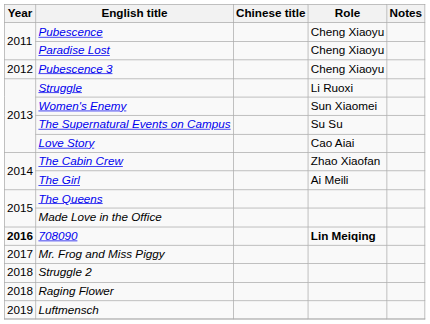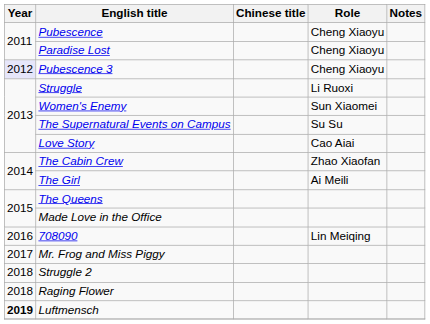 <table class="wikitable">
 <tr>
 <th>Year</th>
 <th>English title</th>
 <th>Chinese title</th>
 <th>Role</th>
 <th>Notes</th>
 </tr>
 <tr>
 <td rowspan="2">2011</td>
 <td><em><a href='#'>Pubescence</a></em></td>
 <td></td>
 <td>Cheng Xiaoyu</td>
 <td></td>
 </tr>
 <tr>
 <td><em><a href='#'>Paradise Lost</a></em></td>
 <td></td>
 <td>Cheng Xiaoyu</td>
 <td></td>
 </tr>
 <tr>
-<td>2012</td>
+<td style="background: lavender;">2012</td>
 <td><em><a href='#'>Pubescence 3</a></em></td>
 <td></td>
 <td>Cheng Xiaoyu</td>
 <td></td>
 </tr>
 <tr>
 <td rowspan="4">2013</td>
 <td><em><a href='#'>Struggle</a></em></td>
 <td></td>
 <td>Li Ruoxi</td>
 <td></td>
 </tr>
 <tr>
 <td><em><a href='#'>Women's Enemy</a></em></td>
 <td></td>
 <td>Sun Xiaomei</td>
 <td></td>
 </tr>
 <tr>
 <td><em><a href='#'>The Supernatural Events on Campus</a></em></td>
 <td></td>
 <td>Su Su</td>
 <td></td>
 </tr>
 <tr>
 <td><em><a href='#'>Love Story</a></em></td>
 <td></td>
 <td>Cao Aiai</td>
 <td></td>
 </tr>
 <tr>
 <td rowspan="2">2014</td>
 <td><em><a href='#'>The Cabin Crew</a></em></td>
 <td></td>
 <td>Zhao Xiaofan</td>
 <td></td>
 </tr>
 <tr>
 <td><em><a href='#'>The Girl</a></em></td>
 <td></td>
 <td>Ai Meili</td>
 <td></td>
 </tr>
 <tr>
 <td rowspan=2>2015</td>
 <td><em><a href='#'>The Queens</a></em></td>
 <td></td>
 <td></td>
 <td></td>
 </tr>
 <tr>
 <td><em>Made Love in the Office</em></td>
 <td></td>
 <td></td>
 <td></td>
 </tr>
 <tr>
-<td><strong>2016</strong></td>
+<td>2016</td>
 <td><em><a href='#'>708090</a></em></td>
 <td></td>
-<td><strong>Lin Meiqing</strong></td>
+<td>Lin Meiqing</td>
 <td></td>
 </tr>
 <tr>
 <td>2017</td>
 <td><em>Mr. Frog and Miss Piggy</em></td>
 <td></td>
 <td></td>
 <td></td>
 </tr>
 <tr>
 <td>2018</td>
 <td><em>Struggle 2</em></td>
 <td></td>
 <td></td>
 <td></td>
 </tr>
 <tr>
 <td>2018</td>
 <td><em>Raging Flower</em></td>
 <td></td>
 <td></td>
 <td></td>
 </tr>
 <tr>
-<td>2019</td>
+<td><strong>2019</strong></td>
 <td><em>Luftmensch</em></td>
 <td></td>
 <td></td>
 <td></td>
 </tr>
 <tr>
 </tr>
 </table>
